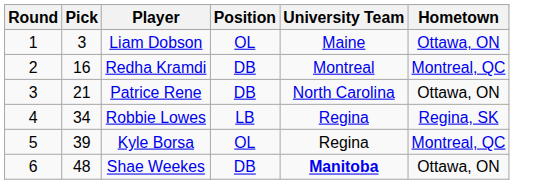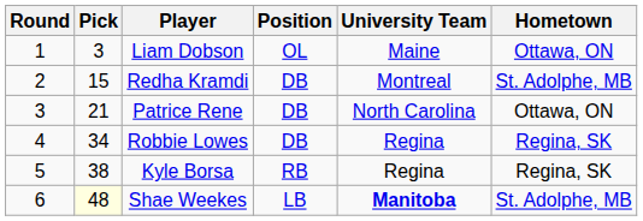 <table class="wikitable" style="font-size: 95%;">
 <tr>
 <th scope="col">Round</th>
 <th scope="col">Pick</th>
 <th scope="col">Player</th>
 <th scope="col">Position</th>
 <th scope="col">University Team</th>
 <th scope="col">Hometown</th>
 </tr>
 <tr align="center">
 <td align=center>1</td>
 <td>3</td>
 <td><a href='#'>Liam Dobson</a></td>
 <td><a href='#'>OL</a></td>
 <td><a href='#'>Maine</a></td>
 <td><a href='#'>Ottawa, ON</a></td>
 </tr>
 <tr align="center">
 <td align=center>2</td>
-<td>16</td>
+<td>15</td>
 <td><a href='#'>Redha Kramdi</a></td>
 <td><a href='#'>DB</a></td>
 <td><a href='#'>Montreal</a></td>
-<td><a href='#'>Montreal, QC</a></td>
+<td><a href='#'>St. Adolphe, MB</a></td>
 </tr>
 <tr align="center">
 <td align=center>3</td>
 <td>21</td>
 <td><a href='#'>Patrice Rene</a></td>
 <td><a href='#'>DB</a></td>
 <td><a href='#'>North Carolina</a></td>
 <td>Ottawa, ON</td>
 </tr>
 <tr align="center">
 <td align=center>4</td>
 <td>34</td>
 <td><a href='#'>Robbie Lowes</a></td>
-<td><a href='#'>LB</a></td>
+<td><a href='#'>DB</a></td>
 <td><a href='#'>Regina</a></td>
 <td><a href='#'>Regina, SK</a></td>
 </tr>
 <tr align="center">
 <td align=center>5</td>
-<td>39</td>
+<td>38</td>
 <td><a href='#'>Kyle Borsa</a></td>
-<td><a href='#'>OL</a></td>
+<td><a href='#'>RB</a></td>
 <td>Regina</td>
-<td><a href='#'>Montreal, QC</a></td>
+<td>Regina, SK</td>
 </tr>
 <tr align="center">
 <td align=center>6</td>
-<td>48</td>
+<td style="background: lightyellow;">48</td>
 <td><a href='#'>Shae Weekes</a></td>
-<td><a href='#'>DB</a></td>
+<td><a href='#'>LB</a></td>
 <td><strong><a href='#'>Manitoba</a></strong></td>
-<td>Ottawa, ON</td>
+<td><a href='#'>St. Adolphe, MB</a></td>
 </tr>
 </table>
